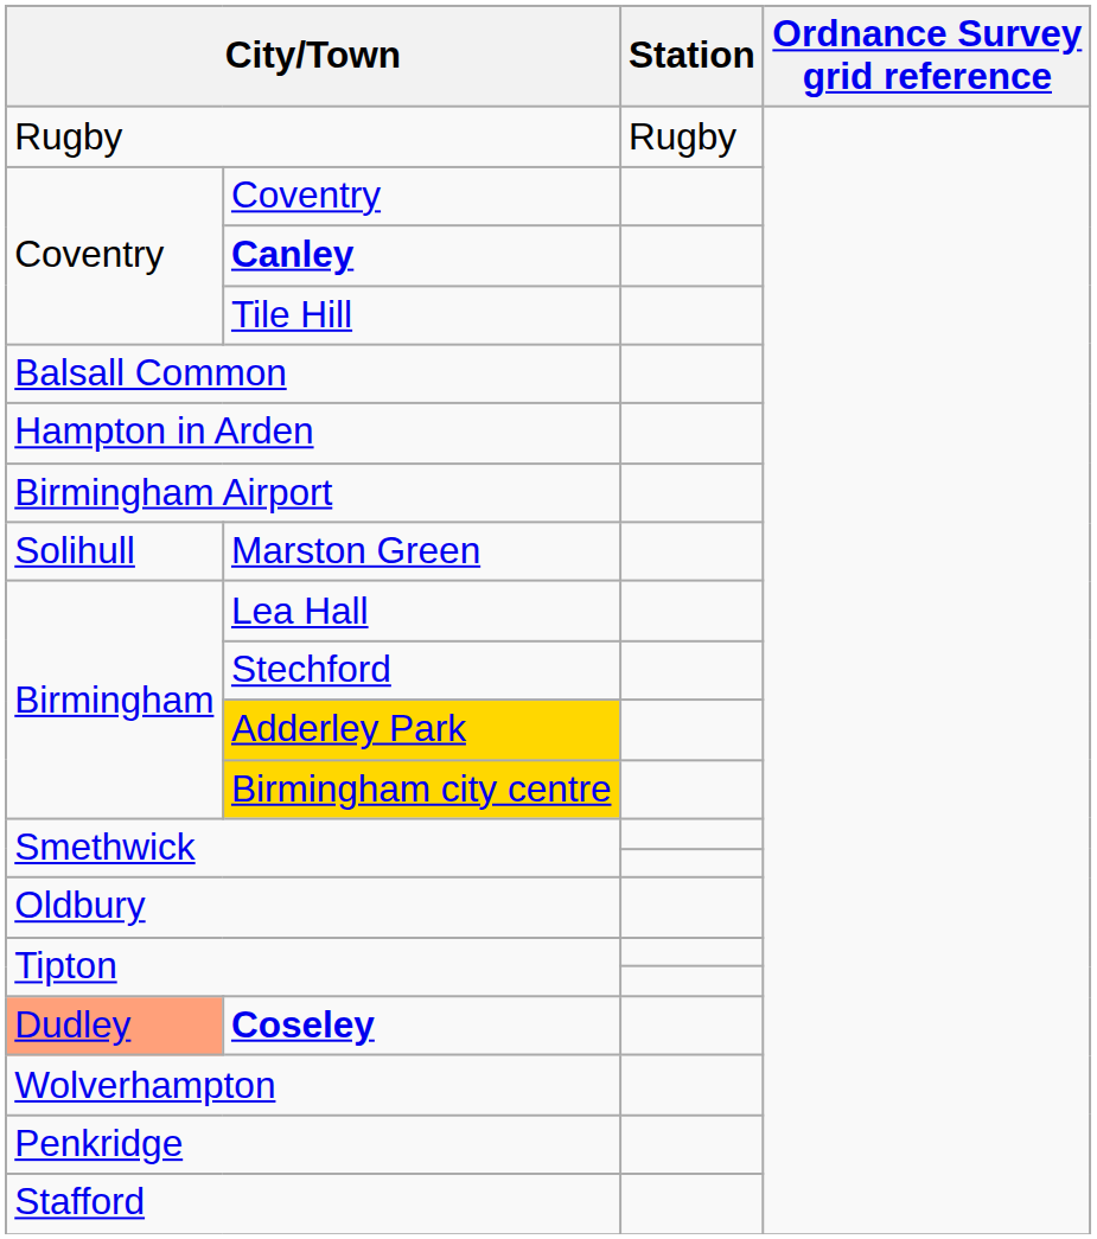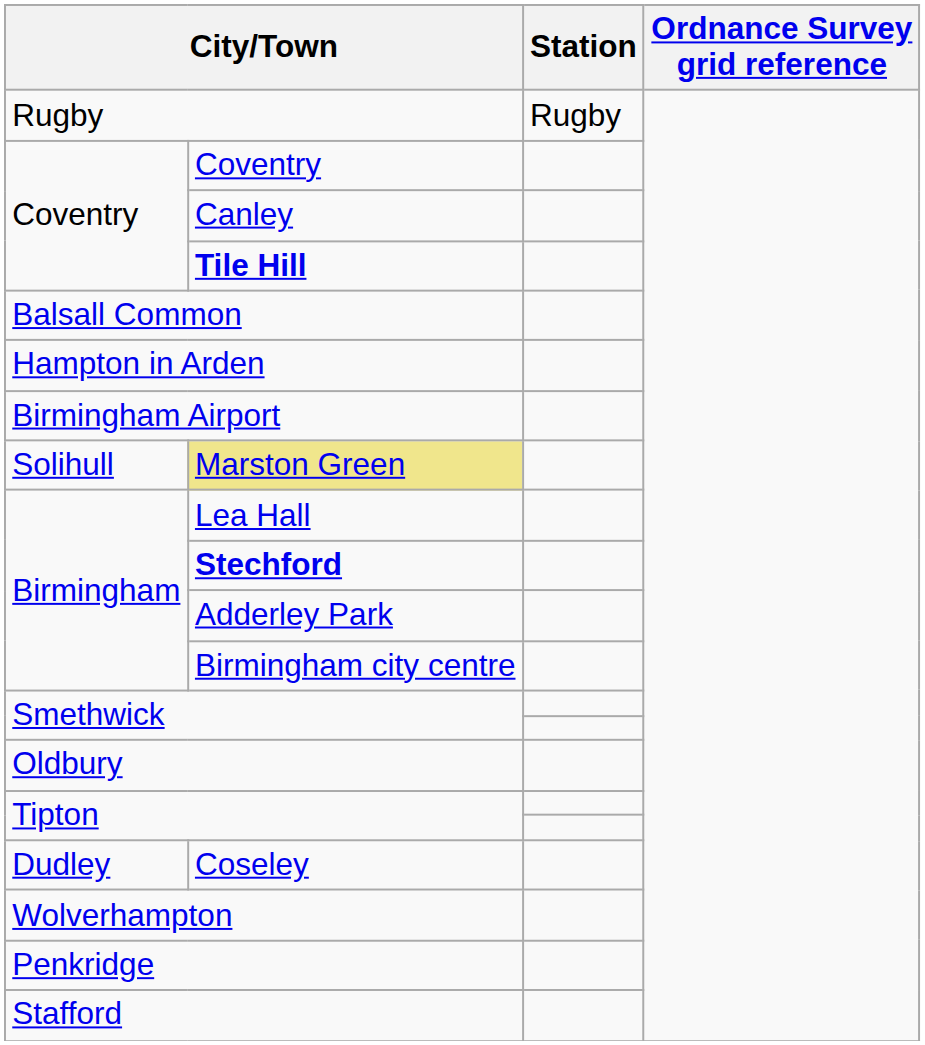 <table class="wikitable">
 <tr>
 <th colspan=2>City/Town</th>
 <th>Station</th>
 <th><a href='#'>Ordnance Survey</a><br><a href='#'>grid reference</a></th>
 </tr>
 <tr>
 <td colspan=2>Rugby</td>
 <td>Rugby</td>
 <td rowspan=21></td>
 </tr>
 <tr>
 <td rowspan=3>Coventry</td>
 <td><a href='#'>Coventry</a></td>
 <td></td>
 </tr>
 <tr>
-<td><strong><a href='#'>Canley</a></strong></td>
+<td><a href='#'>Canley</a></td>
 <td></td>
 </tr>
 <tr>
-<td><a href='#'>Tile Hill</a></td>
+<td><strong><a href='#'>Tile Hill</a></strong></td>
 <td></td>
 </tr>
 <tr>
 <td colspan=2><a href='#'>Balsall Common</a></td>
 <td></td>
 </tr>
 <tr>
 <td colspan=2><a href='#'>Hampton in Arden</a></td>
 <td></td>
 </tr>
 <tr>
 <td colspan=2><a href='#'>Birmingham Airport</a></td>
 <td></td>
 </tr>
 <tr>
 <td><a href='#'>Solihull</a></td>
-<td><a href='#'>Marston Green</a></td>
+<td style="background: khaki;"><a href='#'>Marston Green</a></td>
 <td></td>
 </tr>
 <tr>
 <td rowspan=4><a href='#'>Birmingham</a></td>
 <td><a href='#'>Lea Hall</a></td>
 <td></td>
 </tr>
 <tr>
-<td><a href='#'>Stechford</a></td>
+<td><strong><a href='#'>Stechford</a></strong></td>
 <td></td>
 </tr>
 <tr>
-<td style="background: gold;"><a href='#'>Adderley Park</a></td>
+<td><a href='#'>Adderley Park</a></td>
 <td></td>
 </tr>
 <tr>
-<td style="background: gold;"><a href='#'>Birmingham city centre</a></td>
+<td><a href='#'>Birmingham city centre</a></td>
 <td></td>
 </tr>
 <tr>
 <td colspan=2 rowspan=2><a href='#'>Smethwick</a></td>
 <td></td>
 </tr>
 <tr>
 <td></td>
 </tr>
 <tr>
 <td colspan=2><a href='#'>Oldbury</a></td>
 <td></td>
 </tr>
 <tr>
 <td colspan=2 rowspan=2><a href='#'>Tipton</a></td>
 <td></td>
 </tr>
 <tr>
 <td></td>
 </tr>
 <tr>
-<td style="background: lightsalmon;"><a href='#'>Dudley</a></td>
-<td><strong><a href='#'>Coseley</a></strong></td>
+<td><a href='#'>Dudley</a></td>
+<td><a href='#'>Coseley</a></td>
 <td></td>
 </tr>
 <tr>
 <td colspan=2><a href='#'>Wolverhampton</a></td>
 <td></td>
 </tr>
 <tr>
 <td colspan=2><a href='#'>Penkridge</a></td>
 <td></td>
 </tr>
 <tr>
 <td colspan=2><a href='#'>Stafford</a></td>
 <td></td>
 </tr>
 </table>
